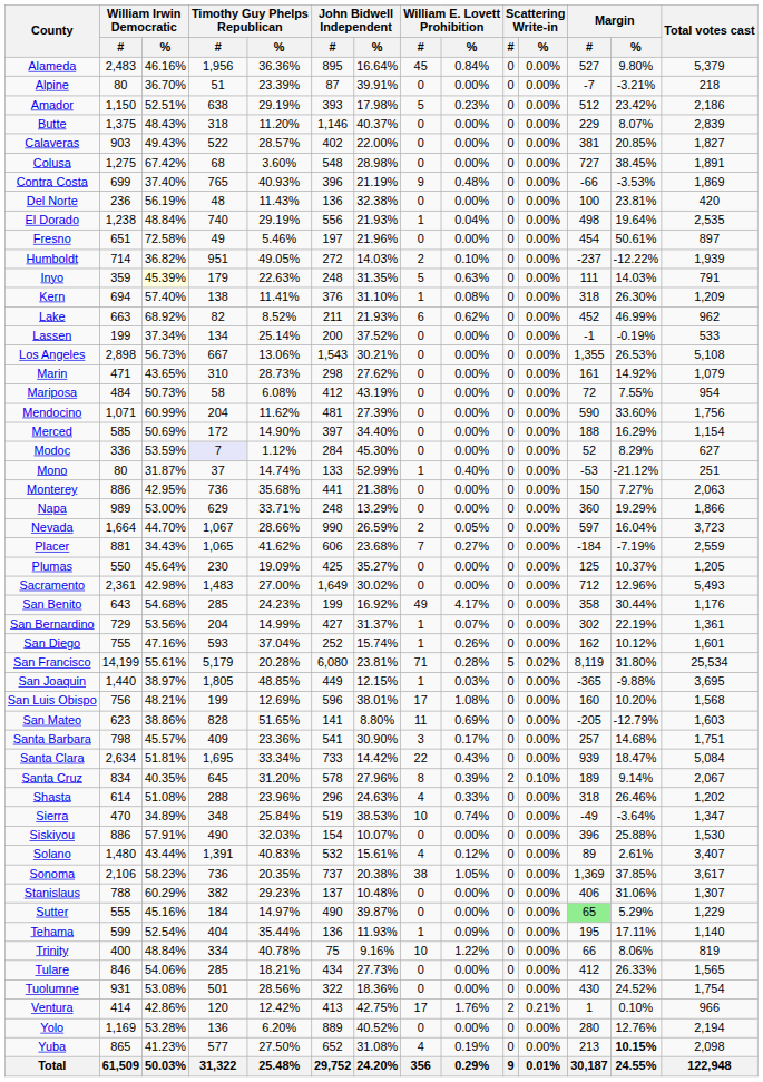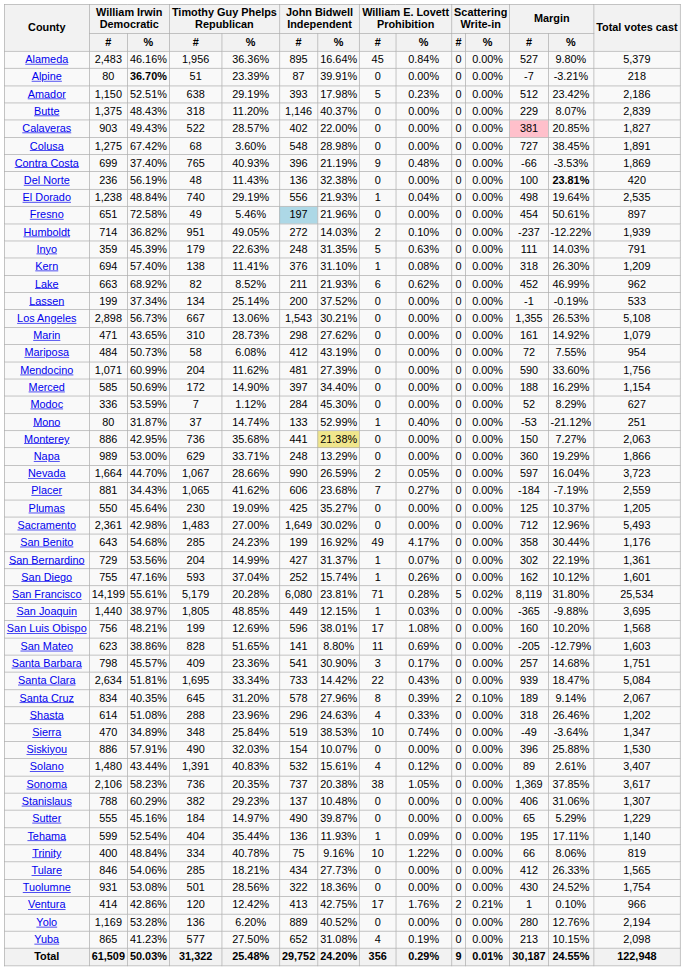 <table class="wikitable sortable" style="text-align:center">
 <tr>
 <th rowspan="2">County</th>
 <th style="text-align:center;" colspan="2">William Irwin<br>Democratic</th>
 <th style="text-align:center;" colspan="2">Timothy Guy Phelps<br>Republican</th>
 <th style="text-align:center;" colspan="2">John Bidwell<br>Independent</th>
 <th style="text-align:center;" colspan="2">William E. Lovett<br>Prohibition</th>
 <th style="text-align:center;" colspan="2">Scattering<br>Write-in</th>
 <th style="text-align:center;" colspan="2">Margin</th>
 <th style="text-align:center;" rowspan="2">Total votes cast</th>
 </tr>
 <tr>
 <th style="text-align:center;" data-sort-type="number">#</th>
 <th style="text-align:center;" data-sort-type="number">%</th>
 <th style="text-align:center;" data-sort-type="number">#</th>
 <th style="text-align:center;" data-sort-type="number">%</th>
 <th style="text-align:center;" data-sort-type="number">#</th>
 <th style="text-align:center;" data-sort-type="number">%</th>
 <th style="text-align:center;" data-sort-type="number">#</th>
 <th style="text-align:center;" data-sort-type="number">%</th>
 <th style="text-align:center;" data-sort-type="number">#</th>
 <th style="text-align:center;" data-sort-type="number">%</th>
 <th style="text-align:center;" data-sort-type="number">#</th>
 <th style="text-align:center;" data-sort-type="number">%</th>
 </tr>
 <tr style="text-align:center;">
 <td><a href='#'>Alameda</a></td>
 <td>2,483</td>
 <td>46.16%</td>
 <td>1,956</td>
 <td>36.36%</td>
 <td>895</td>
 <td>16.64%</td>
 <td>45</td>
 <td>0.84%</td>
 <td>0</td>
 <td>0.00%</td>
 <td>527</td>
 <td>9.80%</td>
 <td>5,379</td>
 </tr>
 <tr style="text-align:center;">
 <td><a href='#'>Alpine</a></td>
 <td>80</td>
-<td>36.70%</td>
+<td><strong>36.70%</strong></td>
 <td>51</td>
 <td>23.39%</td>
 <td>87</td>
 <td>39.91%</td>
 <td>0</td>
 <td>0.00%</td>
 <td>0</td>
 <td>0.00%</td>
 <td>-7</td>
 <td>-3.21%</td>
 <td>218</td>
 </tr>
 <tr style="text-align:center;">
 <td><a href='#'>Amador</a></td>
 <td>1,150</td>
 <td>52.51%</td>
 <td>638</td>
 <td>29.19%</td>
 <td>393</td>
 <td>17.98%</td>
 <td>5</td>
 <td>0.23%</td>
 <td>0</td>
 <td>0.00%</td>
 <td>512</td>
 <td>23.42%</td>
 <td>2,186</td>
 </tr>
 <tr style="text-align:center;">
 <td><a href='#'>Butte</a></td>
 <td>1,375</td>
 <td>48.43%</td>
 <td>318</td>
 <td>11.20%</td>
 <td>1,146</td>
 <td>40.37%</td>
 <td>0</td>
 <td>0.00%</td>
 <td>0</td>
 <td>0.00%</td>
 <td>229</td>
 <td>8.07%</td>
 <td>2,839</td>
 </tr>
 <tr style="text-align:center;">
 <td><a href='#'>Calaveras</a></td>
 <td>903</td>
 <td>49.43%</td>
 <td>522</td>
 <td>28.57%</td>
 <td>402</td>
 <td>22.00%</td>
 <td>0</td>
 <td>0.00%</td>
 <td>0</td>
 <td>0.00%</td>
-<td>381</td>
+<td style="background: pink;">381</td>
 <td>20.85%</td>
 <td>1,827</td>
 </tr>
 <tr style="text-align:center;">
 <td><a href='#'>Colusa</a></td>
 <td>1,275</td>
 <td>67.42%</td>
 <td>68</td>
 <td>3.60%</td>
 <td>548</td>
 <td>28.98%</td>
 <td>0</td>
 <td>0.00%</td>
 <td>0</td>
 <td>0.00%</td>
 <td>727</td>
 <td>38.45%</td>
 <td>1,891</td>
 </tr>
 <tr style="text-align:center;">
 <td><a href='#'>Contra Costa</a></td>
 <td>699</td>
 <td>37.40%</td>
 <td>765</td>
 <td>40.93%</td>
 <td>396</td>
 <td>21.19%</td>
 <td>9</td>
 <td>0.48%</td>
 <td>0</td>
 <td>0.00%</td>
 <td>-66</td>
 <td>-3.53%</td>
 <td>1,869</td>
 </tr>
 <tr style="text-align:center;">
 <td><a href='#'>Del Norte</a></td>
 <td>236</td>
 <td>56.19%</td>
 <td>48</td>
 <td>11.43%</td>
 <td>136</td>
 <td>32.38%</td>
 <td>0</td>
 <td>0.00%</td>
 <td>0</td>
 <td>0.00%</td>
 <td>100</td>
-<td>23.81%</td>
+<td><strong>23.81%</strong></td>
 <td>420</td>
 </tr>
 <tr style="text-align:center;">
 <td><a href='#'>El Dorado</a></td>
 <td>1,238</td>
 <td>48.84%</td>
 <td>740</td>
 <td>29.19%</td>
 <td>556</td>
 <td>21.93%</td>
 <td>1</td>
 <td>0.04%</td>
 <td>0</td>
 <td>0.00%</td>
 <td>498</td>
 <td>19.64%</td>
 <td>2,535</td>
 </tr>
 <tr style="text-align:center;">
 <td><a href='#'>Fresno</a></td>
 <td>651</td>
 <td>72.58%</td>
 <td>49</td>
 <td>5.46%</td>
-<td>197</td>
+<td style="background: lightblue;">197</td>
 <td>21.96%</td>
 <td>0</td>
 <td>0.00%</td>
 <td>0</td>
 <td>0.00%</td>
 <td>454</td>
 <td>50.61%</td>
 <td>897</td>
 </tr>
 <tr style="text-align:center;">
 <td><a href='#'>Humboldt</a></td>
 <td>714</td>
 <td>36.82%</td>
 <td>951</td>
 <td>49.05%</td>
 <td>272</td>
 <td>14.03%</td>
 <td>2</td>
 <td>0.10%</td>
 <td>0</td>
 <td>0.00%</td>
 <td>-237</td>
 <td>-12.22%</td>
 <td>1,939</td>
 </tr>
 <tr style="text-align:center;">
 <td><a href='#'>Inyo</a></td>
 <td>359</td>
-<td style="background: lightyellow;">45.39%</td>
+<td>45.39%</td>
 <td>179</td>
 <td>22.63%</td>
 <td>248</td>
 <td>31.35%</td>
 <td>5</td>
 <td>0.63%</td>
 <td>0</td>
 <td>0.00%</td>
 <td>111</td>
 <td>14.03%</td>
 <td>791</td>
 </tr>
 <tr style="text-align:center;">
 <td><a href='#'>Kern</a></td>
 <td>694</td>
 <td>57.40%</td>
 <td>138</td>
 <td>11.41%</td>
 <td>376</td>
 <td>31.10%</td>
 <td>1</td>
 <td>0.08%</td>
 <td>0</td>
 <td>0.00%</td>
 <td>318</td>
 <td>26.30%</td>
 <td>1,209</td>
 </tr>
 <tr style="text-align:center;">
 <td><a href='#'>Lake</a></td>
 <td>663</td>
 <td>68.92%</td>
 <td>82</td>
 <td>8.52%</td>
 <td>211</td>
 <td>21.93%</td>
 <td>6</td>
 <td>0.62%</td>
 <td>0</td>
 <td>0.00%</td>
 <td>452</td>
 <td>46.99%</td>
 <td>962</td>
 </tr>
 <tr style="text-align:center;">
 <td><a href='#'>Lassen</a></td>
 <td>199</td>
 <td>37.34%</td>
 <td>134</td>
 <td>25.14%</td>
 <td>200</td>
 <td>37.52%</td>
 <td>0</td>
 <td>0.00%</td>
 <td>0</td>
 <td>0.00%</td>
 <td>-1</td>
 <td>-0.19%</td>
 <td>533</td>
 </tr>
 <tr style="text-align:center;">
 <td><a href='#'>Los Angeles</a></td>
 <td>2,898</td>
 <td>56.73%</td>
 <td>667</td>
 <td>13.06%</td>
 <td>1,543</td>
 <td>30.21%</td>
 <td>0</td>
 <td>0.00%</td>
 <td>0</td>
 <td>0.00%</td>
 <td>1,355</td>
 <td>26.53%</td>
 <td>5,108</td>
 </tr>
 <tr style="text-align:center;">
 <td><a href='#'>Marin</a></td>
 <td>471</td>
 <td>43.65%</td>
 <td>310</td>
 <td>28.73%</td>
 <td>298</td>
 <td>27.62%</td>
 <td>0</td>
 <td>0.00%</td>
 <td>0</td>
 <td>0.00%</td>
 <td>161</td>
 <td>14.92%</td>
 <td>1,079</td>
 </tr>
 <tr style="text-align:center;">
 <td><a href='#'>Mariposa</a></td>
 <td>484</td>
 <td>50.73%</td>
 <td>58</td>
 <td>6.08%</td>
 <td>412</td>
 <td>43.19%</td>
 <td>0</td>
 <td>0.00%</td>
 <td>0</td>
 <td>0.00%</td>
 <td>72</td>
 <td>7.55%</td>
 <td>954</td>
 </tr>
 <tr style="text-align:center;">
 <td><a href='#'>Mendocino</a></td>
 <td>1,071</td>
 <td>60.99%</td>
 <td>204</td>
 <td>11.62%</td>
 <td>481</td>
 <td>27.39%</td>
 <td>0</td>
 <td>0.00%</td>
 <td>0</td>
 <td>0.00%</td>
 <td>590</td>
 <td>33.60%</td>
 <td>1,756</td>
 </tr>
 <tr style="text-align:center;">
 <td><a href='#'>Merced</a></td>
 <td>585</td>
 <td>50.69%</td>
 <td>172</td>
 <td>14.90%</td>
 <td>397</td>
 <td>34.40%</td>
 <td>0</td>
 <td>0.00%</td>
 <td>0</td>
 <td>0.00%</td>
 <td>188</td>
 <td>16.29%</td>
 <td>1,154</td>
 </tr>
 <tr style="text-align:center;">
 <td><a href='#'>Modoc</a></td>
 <td>336</td>
 <td>53.59%</td>
-<td style="background: lavender;">7</td>
+<td>7</td>
 <td>1.12%</td>
 <td>284</td>
 <td>45.30%</td>
 <td>0</td>
 <td>0.00%</td>
 <td>0</td>
 <td>0.00%</td>
 <td>52</td>
 <td>8.29%</td>
 <td>627</td>
 </tr>
 <tr style="text-align:center;">
 <td><a href='#'>Mono</a></td>
 <td>80</td>
 <td>31.87%</td>
 <td>37</td>
 <td>14.74%</td>
 <td>133</td>
 <td>52.99%</td>
 <td>1</td>
 <td>0.40%</td>
 <td>0</td>
 <td>0.00%</td>
 <td>-53</td>
 <td>-21.12%</td>
 <td>251</td>
 </tr>
 <tr style="text-align:center;">
 <td><a href='#'>Monterey</a></td>
 <td>886</td>
 <td>42.95%</td>
 <td>736</td>
 <td>35.68%</td>
 <td>441</td>
-<td>21.38%</td>
+<td style="background: khaki;">21.38%</td>
 <td>0</td>
 <td>0.00%</td>
 <td>0</td>
 <td>0.00%</td>
 <td>150</td>
 <td>7.27%</td>
 <td>2,063</td>
 </tr>
 <tr style="text-align:center;">
 <td><a href='#'>Napa</a></td>
 <td>989</td>
 <td>53.00%</td>
 <td>629</td>
 <td>33.71%</td>
 <td>248</td>
 <td>13.29%</td>
 <td>0</td>
 <td>0.00%</td>
 <td>0</td>
 <td>0.00%</td>
 <td>360</td>
 <td>19.29%</td>
 <td>1,866</td>
 </tr>
 <tr style="text-align:center;">
 <td><a href='#'>Nevada</a></td>
 <td>1,664</td>
 <td>44.70%</td>
 <td>1,067</td>
 <td>28.66%</td>
 <td>990</td>
 <td>26.59%</td>
 <td>2</td>
 <td>0.05%</td>
 <td>0</td>
 <td>0.00%</td>
 <td>597</td>
 <td>16.04%</td>
 <td>3,723</td>
 </tr>
 <tr style="text-align:center;">
 <td><a href='#'>Placer</a></td>
 <td>881</td>
 <td>34.43%</td>
 <td>1,065</td>
 <td>41.62%</td>
 <td>606</td>
 <td>23.68%</td>
 <td>7</td>
 <td>0.27%</td>
 <td>0</td>
 <td>0.00%</td>
 <td>-184</td>
 <td>-7.19%</td>
 <td>2,559</td>
 </tr>
 <tr style="text-align:center;">
 <td><a href='#'>Plumas</a></td>
 <td>550</td>
 <td>45.64%</td>
 <td>230</td>
 <td>19.09%</td>
 <td>425</td>
 <td>35.27%</td>
 <td>0</td>
 <td>0.00%</td>
 <td>0</td>
 <td>0.00%</td>
 <td>125</td>
 <td>10.37%</td>
 <td>1,205</td>
 </tr>
 <tr style="text-align:center;">
 <td><a href='#'>Sacramento</a></td>
 <td>2,361</td>
 <td>42.98%</td>
 <td>1,483</td>
 <td>27.00%</td>
 <td>1,649</td>
 <td>30.02%</td>
 <td>0</td>
 <td>0.00%</td>
 <td>0</td>
 <td>0.00%</td>
 <td>712</td>
 <td>12.96%</td>
 <td>5,493</td>
 </tr>
 <tr style="text-align:center;">
 <td><a href='#'>San Benito</a></td>
 <td>643</td>
 <td>54.68%</td>
 <td>285</td>
 <td>24.23%</td>
 <td>199</td>
 <td>16.92%</td>
 <td>49</td>
 <td>4.17%</td>
 <td>0</td>
 <td>0.00%</td>
 <td>358</td>
 <td>30.44%</td>
 <td>1,176</td>
 </tr>
 <tr style="text-align:center;">
 <td><a href='#'>San Bernardino</a></td>
 <td>729</td>
 <td>53.56%</td>
 <td>204</td>
 <td>14.99%</td>
 <td>427</td>
 <td>31.37%</td>
 <td>1</td>
 <td>0.07%</td>
 <td>0</td>
 <td>0.00%</td>
 <td>302</td>
 <td>22.19%</td>
 <td>1,361</td>
 </tr>
 <tr style="text-align:center;">
 <td><a href='#'>San Diego</a></td>
 <td>755</td>
 <td>47.16%</td>
 <td>593</td>
 <td>37.04%</td>
 <td>252</td>
 <td>15.74%</td>
 <td>1</td>
 <td>0.26%</td>
 <td>0</td>
 <td>0.00%</td>
 <td>162</td>
 <td>10.12%</td>
 <td>1,601</td>
 </tr>
 <tr style="text-align:center;">
 <td><a href='#'>San Francisco</a></td>
 <td>14,199</td>
 <td>55.61%</td>
 <td>5,179</td>
 <td>20.28%</td>
 <td>6,080</td>
 <td>23.81%</td>
 <td>71</td>
 <td>0.28%</td>
 <td>5</td>
 <td>0.02%</td>
 <td>8,119</td>
 <td>31.80%</td>
 <td>25,534</td>
 </tr>
 <tr style="text-align:center;">
 <td><a href='#'>San Joaquin</a></td>
 <td>1,440</td>
 <td>38.97%</td>
 <td>1,805</td>
 <td>48.85%</td>
 <td>449</td>
 <td>12.15%</td>
 <td>1</td>
 <td>0.03%</td>
 <td>0</td>
 <td>0.00%</td>
 <td>-365</td>
 <td>-9.88%</td>
 <td>3,695</td>
 </tr>
 <tr style="text-align:center;">
 <td><a href='#'>San Luis Obispo</a></td>
 <td>756</td>
 <td>48.21%</td>
 <td>199</td>
 <td>12.69%</td>
 <td>596</td>
 <td>38.01%</td>
 <td>17</td>
 <td>1.08%</td>
 <td>0</td>
 <td>0.00%</td>
 <td>160</td>
 <td>10.20%</td>
 <td>1,568</td>
 </tr>
 <tr style="text-align:center;">
 <td><a href='#'>San Mateo</a></td>
 <td>623</td>
 <td>38.86%</td>
 <td>828</td>
 <td>51.65%</td>
 <td>141</td>
 <td>8.80%</td>
 <td>11</td>
 <td>0.69%</td>
 <td>0</td>
 <td>0.00%</td>
 <td>-205</td>
 <td>-12.79%</td>
 <td>1,603</td>
 </tr>
 <tr style="text-align:center;">
 <td><a href='#'>Santa Barbara</a></td>
 <td>798</td>
 <td>45.57%</td>
 <td>409</td>
 <td>23.36%</td>
 <td>541</td>
 <td>30.90%</td>
 <td>3</td>
 <td>0.17%</td>
 <td>0</td>
 <td>0.00%</td>
 <td>257</td>
 <td>14.68%</td>
 <td>1,751</td>
 </tr>
 <tr style="text-align:center;">
 <td><a href='#'>Santa Clara</a></td>
 <td>2,634</td>
 <td>51.81%</td>
 <td>1,695</td>
 <td>33.34%</td>
 <td>733</td>
 <td>14.42%</td>
 <td>22</td>
 <td>0.43%</td>
 <td>0</td>
 <td>0.00%</td>
 <td>939</td>
 <td>18.47%</td>
 <td>5,084</td>
 </tr>
 <tr style="text-align:center;">
 <td><a href='#'>Santa Cruz</a></td>
 <td>834</td>
 <td>40.35%</td>
 <td>645</td>
 <td>31.20%</td>
 <td>578</td>
 <td>27.96%</td>
 <td>8</td>
 <td>0.39%</td>
 <td>2</td>
 <td>0.10%</td>
 <td>189</td>
 <td>9.14%</td>
 <td>2,067</td>
 </tr>
 <tr style="text-align:center;">
 <td><a href='#'>Shasta</a></td>
 <td>614</td>
 <td>51.08%</td>
 <td>288</td>
 <td>23.96%</td>
 <td>296</td>
 <td>24.63%</td>
 <td>4</td>
 <td>0.33%</td>
 <td>0</td>
 <td>0.00%</td>
 <td>318</td>
 <td>26.46%</td>
 <td>1,202</td>
 </tr>
 <tr style="text-align:center;">
 <td><a href='#'>Sierra</a></td>
 <td>470</td>
 <td>34.89%</td>
 <td>348</td>
 <td>25.84%</td>
 <td>519</td>
 <td>38.53%</td>
 <td>10</td>
 <td>0.74%</td>
 <td>0</td>
 <td>0.00%</td>
 <td>-49</td>
 <td>-3.64%</td>
 <td>1,347</td>
 </tr>
 <tr style="text-align:center;">
 <td><a href='#'>Siskiyou</a></td>
 <td>886</td>
 <td>57.91%</td>
 <td>490</td>
 <td>32.03%</td>
 <td>154</td>
 <td>10.07%</td>
 <td>0</td>
 <td>0.00%</td>
 <td>0</td>
 <td>0.00%</td>
 <td>396</td>
 <td>25.88%</td>
 <td>1,530</td>
 </tr>
 <tr style="text-align:center;">
 <td><a href='#'>Solano</a></td>
 <td>1,480</td>
 <td>43.44%</td>
 <td>1,391</td>
 <td>40.83%</td>
 <td>532</td>
 <td>15.61%</td>
 <td>4</td>
 <td>0.12%</td>
 <td>0</td>
 <td>0.00%</td>
 <td>89</td>
 <td>2.61%</td>
 <td>3,407</td>
 </tr>
 <tr style="text-align:center;">
 <td><a href='#'>Sonoma</a></td>
 <td>2,106</td>
 <td>58.23%</td>
 <td>736</td>
 <td>20.35%</td>
 <td>737</td>
 <td>20.38%</td>
 <td>38</td>
 <td>1.05%</td>
 <td>0</td>
 <td>0.00%</td>
 <td>1,369</td>
 <td>37.85%</td>
 <td>3,617</td>
 </tr>
 <tr style="text-align:center;">
 <td><a href='#'>Stanislaus</a></td>
 <td>788</td>
 <td>60.29%</td>
 <td>382</td>
 <td>29.23%</td>
 <td>137</td>
 <td>10.48%</td>
 <td>0</td>
 <td>0.00%</td>
 <td>0</td>
 <td>0.00%</td>
 <td>406</td>
 <td>31.06%</td>
 <td>1,307</td>
 </tr>
 <tr style="text-align:center;">
 <td><a href='#'>Sutter</a></td>
 <td>555</td>
 <td>45.16%</td>
 <td>184</td>
 <td>14.97%</td>
 <td>490</td>
 <td>39.87%</td>
 <td>0</td>
 <td>0.00%</td>
 <td>0</td>
 <td>0.00%</td>
-<td style="background: lightgreen;">65</td>
+<td>65</td>
 <td>5.29%</td>
 <td>1,229</td>
 </tr>
 <tr style="text-align:center;">
 <td><a href='#'>Tehama</a></td>
 <td>599</td>
 <td>52.54%</td>
 <td>404</td>
 <td>35.44%</td>
 <td>136</td>
 <td>11.93%</td>
 <td>1</td>
 <td>0.09%</td>
 <td>0</td>
 <td>0.00%</td>
 <td>195</td>
 <td>17.11%</td>
 <td>1,140</td>
 </tr>
 <tr style="text-align:center;">
 <td><a href='#'>Trinity</a></td>
 <td>400</td>
 <td>48.84%</td>
 <td>334</td>
 <td>40.78%</td>
 <td>75</td>
 <td>9.16%</td>
 <td>10</td>
 <td>1.22%</td>
 <td>0</td>
 <td>0.00%</td>
 <td>66</td>
 <td>8.06%</td>
 <td>819</td>
 </tr>
 <tr style="text-align:center;">
 <td><a href='#'>Tulare</a></td>
 <td>846</td>
 <td>54.06%</td>
 <td>285</td>
 <td>18.21%</td>
 <td>434</td>
 <td>27.73%</td>
 <td>0</td>
 <td>0.00%</td>
 <td>0</td>
 <td>0.00%</td>
 <td>412</td>
 <td>26.33%</td>
 <td>1,565</td>
 </tr>
 <tr style="text-align:center;">
 <td><a href='#'>Tuolumne</a></td>
 <td>931</td>
 <td>53.08%</td>
 <td>501</td>
 <td>28.56%</td>
 <td>322</td>
 <td>18.36%</td>
 <td>0</td>
 <td>0.00%</td>
 <td>0</td>
 <td>0.00%</td>
 <td>430</td>
 <td>24.52%</td>
 <td>1,754</td>
 </tr>
 <tr style="text-align:center;">
 <td><a href='#'>Ventura</a></td>
 <td>414</td>
 <td>42.86%</td>
 <td>120</td>
 <td>12.42%</td>
 <td>413</td>
 <td>42.75%</td>
 <td>17</td>
 <td>1.76%</td>
 <td>2</td>
 <td>0.21%</td>
 <td>1</td>
 <td>0.10%</td>
 <td>966</td>
 </tr>
 <tr style="text-align:center;">
 <td><a href='#'>Yolo</a></td>
 <td>1,169</td>
 <td>53.28%</td>
 <td>136</td>
 <td>6.20%</td>
 <td>889</td>
 <td>40.52%</td>
 <td>0</td>
 <td>0.00%</td>
 <td>0</td>
 <td>0.00%</td>
 <td>280</td>
 <td>12.76%</td>
 <td>2,194</td>
 </tr>
 <tr style="text-align:center;">
 <td><a href='#'>Yuba</a></td>
 <td>865</td>
 <td>41.23%</td>
 <td>577</td>
 <td>27.50%</td>
 <td>652</td>
 <td>31.08%</td>
 <td>4</td>
 <td>0.19%</td>
 <td>0</td>
 <td>0.00%</td>
 <td>213</td>
-<td><strong>10.15%</strong></td>
+<td>10.15%</td>
 <td>2,098</td>
 </tr>
 <tr style="text-align:center;">
 <th>Total</th>
 <th>61,509</th>
 <th>50.03%</th>
 <th>31,322</th>
 <th>25.48%</th>
 <th>29,752</th>
 <th>24.20%</th>
 <th>356</th>
 <th>0.29%</th>
 <th>9</th>
 <th>0.01%</th>
 <th>30,187</th>
 <th>24.55%</th>
 <th>122,948</th>
 </tr>
 </table>
